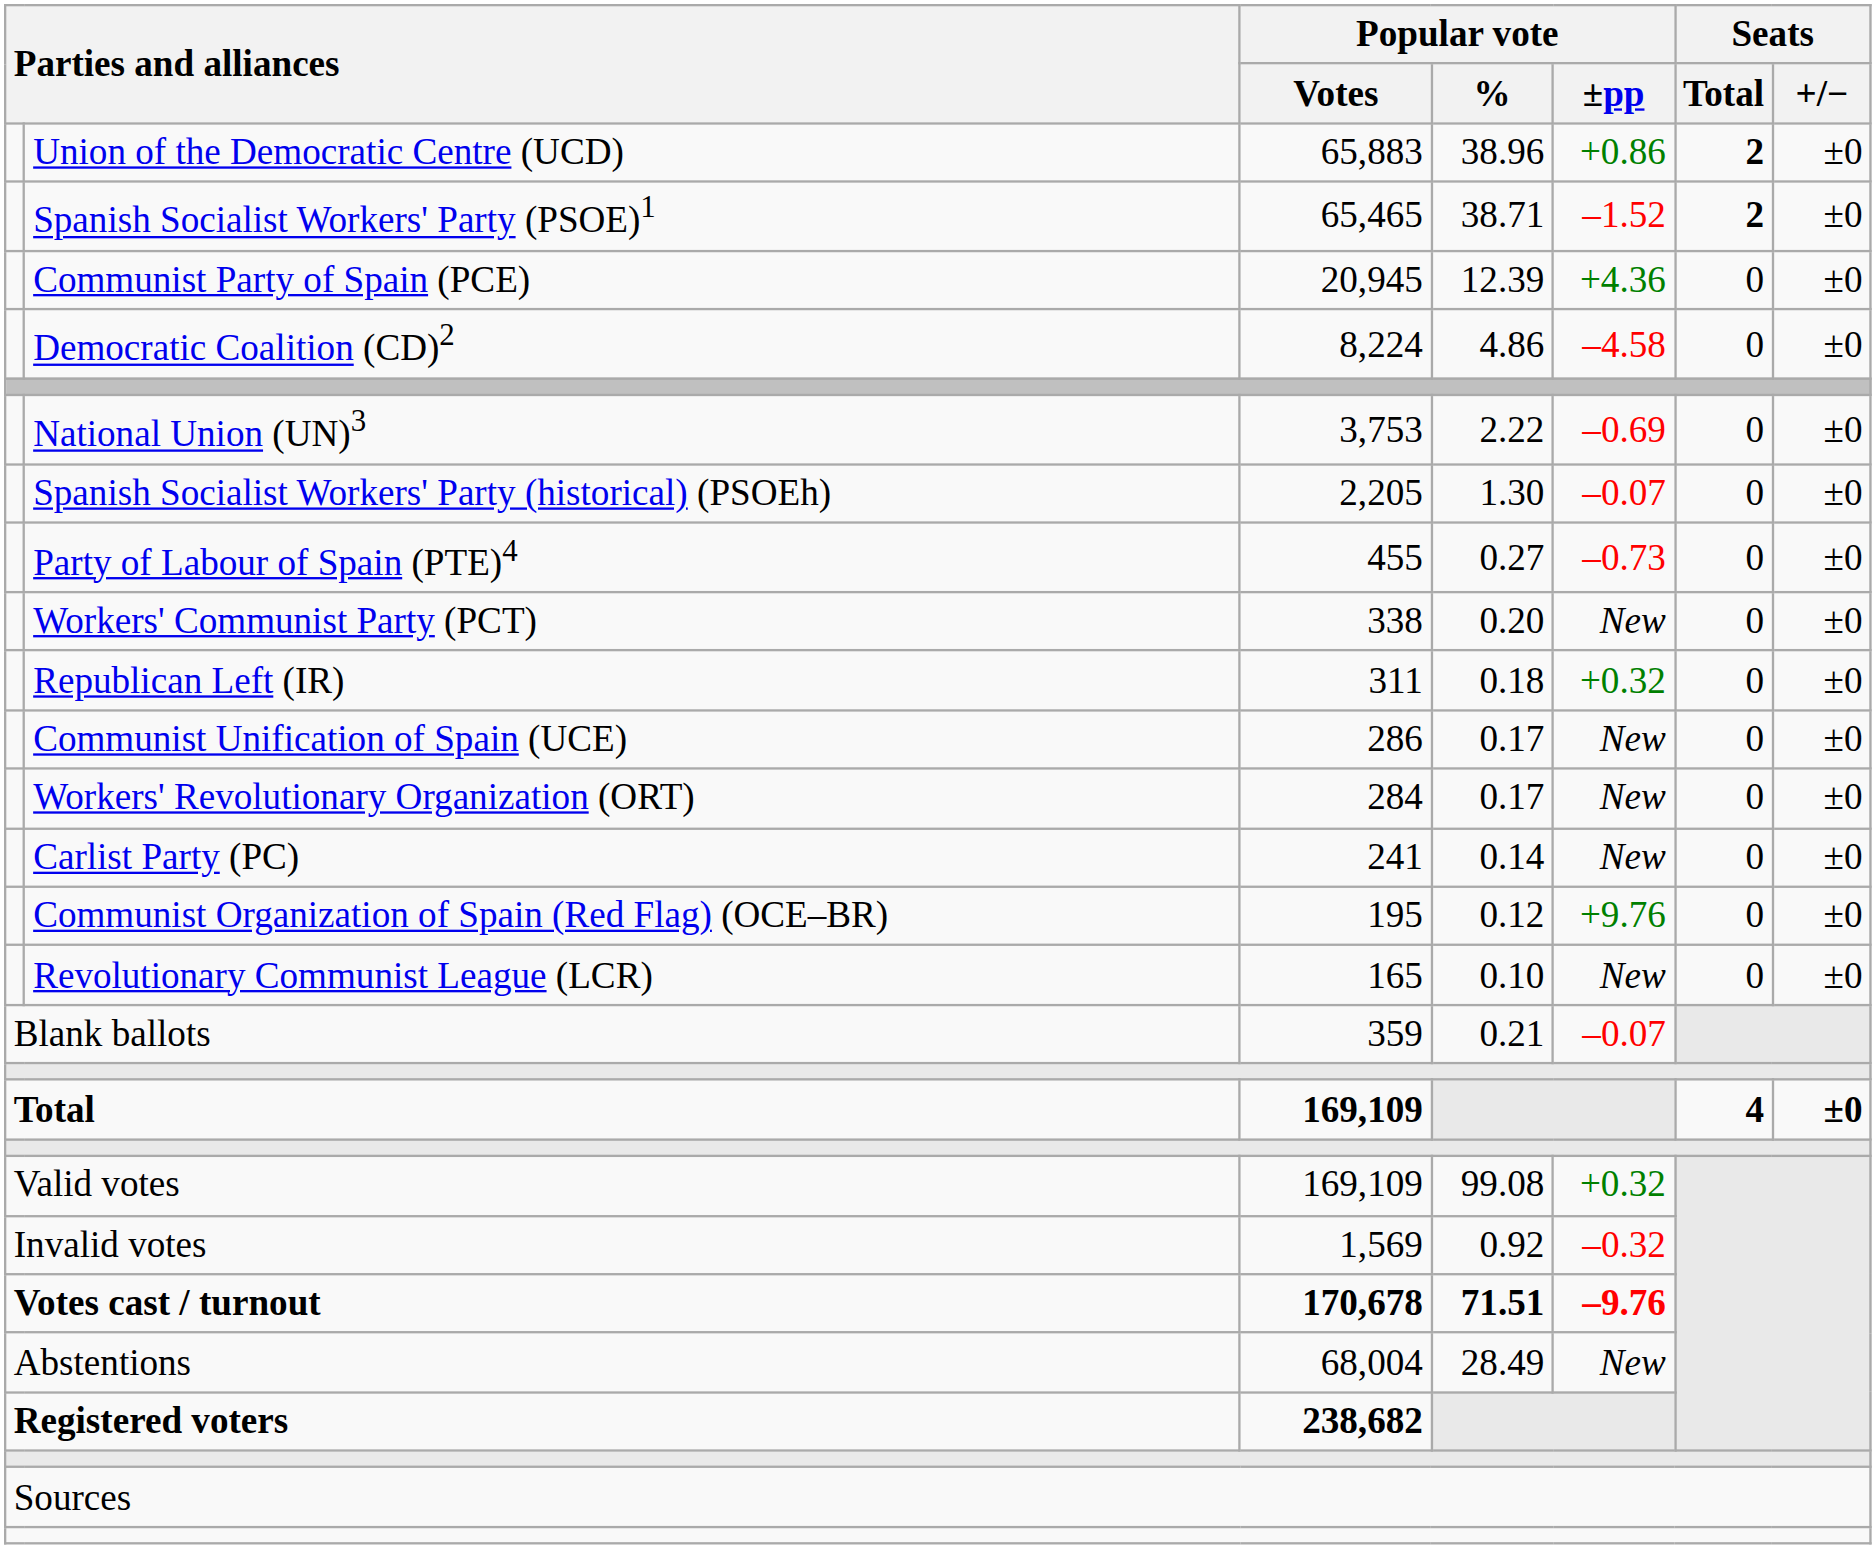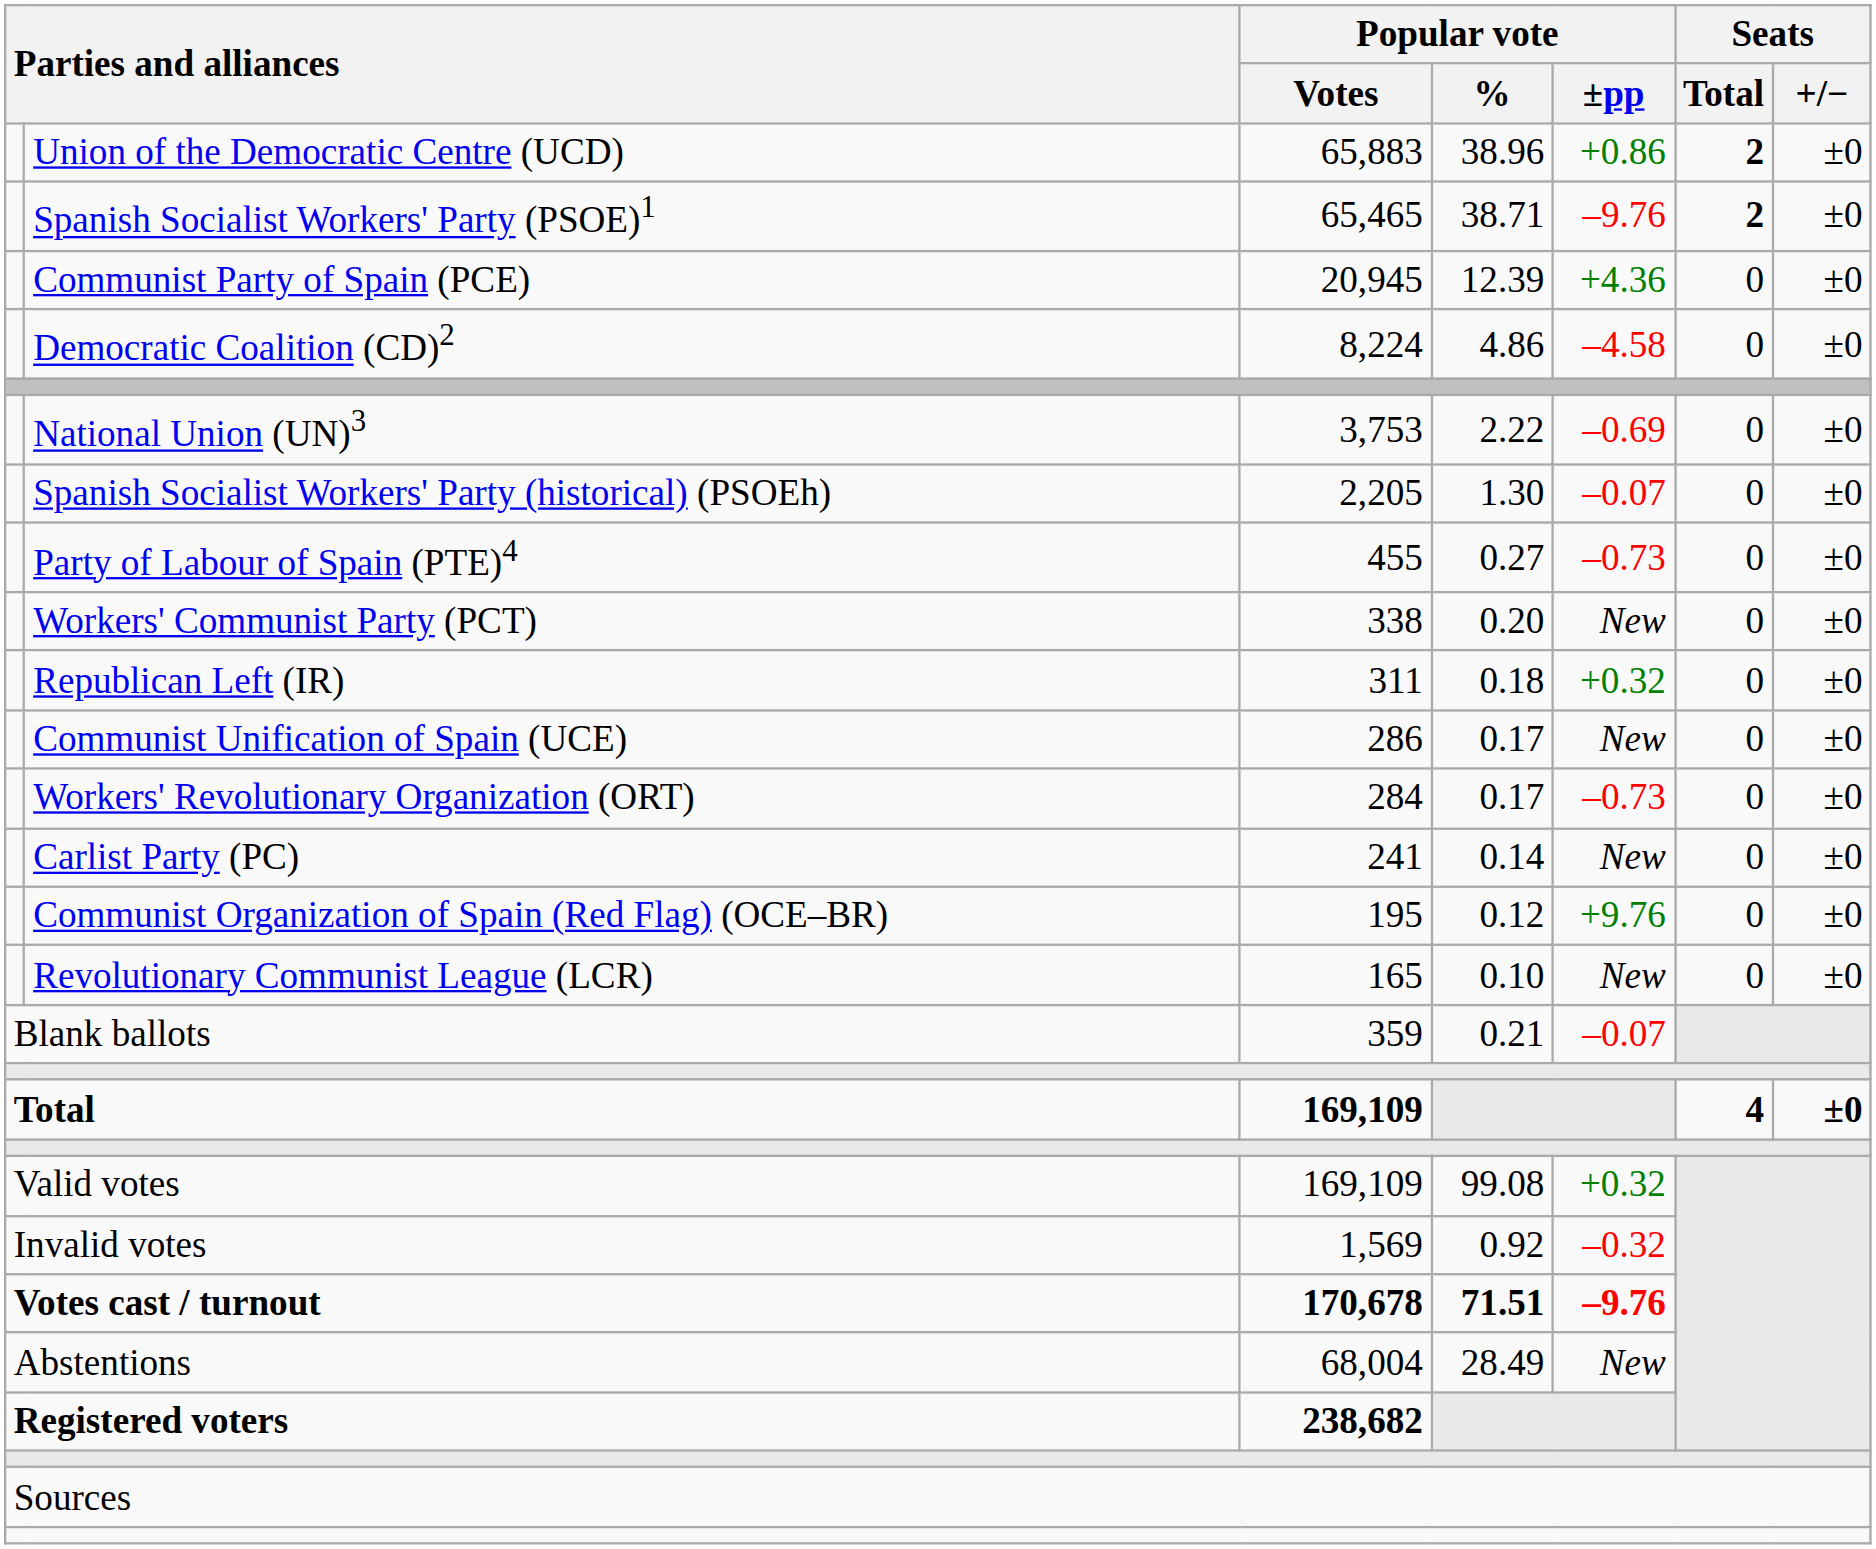 <table class="wikitable" style="text-align:right;">
 <tr>
 <th style="text-align:left;" rowspan="2" colspan="2" width="525">Parties and alliances</th>
 <th colspan="3">Popular vote</th>
 <th colspan="2">Seats</th>
 </tr>
 <tr>
 <th width="75">Votes</th>
 <th width="45">%</th>
 <th width="45">±<a href='#'>pp</a></th>
 <th width="35">Total</th>
 <th width="35">+/−</th>
 </tr>
 <tr>
 <td width="1" style="color:inherit;background:"></td>
 <td align="left"><a href='#'>Union of the Democratic Centre</a> (UCD)</td>
 <td>65,883</td>
 <td>38.96</td>
 <td style="color:green;">+0.86</td>
 <td><strong>2</strong></td>
 <td>±0</td>
 </tr>
 <tr>
 <td style="color:inherit;background:"></td>
 <td align="left"><a href='#'>Spanish Socialist Workers' Party</a> (PSOE)<sup>1</sup></td>
 <td>65,465</td>
 <td>38.71</td>
-<td style="color:red;">–1.52</td>
+<td style="color:red;">–9.76</td>
 <td><strong>2</strong></td>
 <td>±0</td>
 </tr>
 <tr>
 <td style="color:inherit;background:"></td>
 <td align="left"><a href='#'>Communist Party of Spain</a> (PCE)</td>
 <td>20,945</td>
 <td>12.39</td>
 <td style="color:green;">+4.36</td>
 <td>0</td>
 <td>±0</td>
 </tr>
 <tr>
 <td style="color:inherit;background:"></td>
 <td align="left"><a href='#'>Democratic Coalition</a> (CD)<sup>2</sup></td>
 <td>8,224</td>
 <td>4.86</td>
 <td style="color:red;">–4.58</td>
 <td>0</td>
 <td>±0</td>
 </tr>
 <tr>
 <td colspan="7" bgcolor="#C0C0C0"></td>
 </tr>
 <tr>
 <td style="color:inherit;background:"></td>
 <td align="left"><a href='#'>National Union</a> (UN)<sup>3</sup></td>
 <td>3,753</td>
 <td>2.22</td>
 <td style="color:red;">–0.69</td>
 <td>0</td>
 <td>±0</td>
 </tr>
 <tr>
 <td style="color:inherit;background:"></td>
 <td align="left"><a href='#'>Spanish Socialist Workers' Party (historical)</a> (PSOEh)</td>
 <td>2,205</td>
 <td>1.30</td>
 <td style="color:red;">–0.07</td>
 <td>0</td>
 <td>±0</td>
 </tr>
 <tr>
 <td style="color:inherit;background:"></td>
 <td align="left"><a href='#'>Party of Labour of Spain</a> (PTE)<sup>4</sup></td>
 <td>455</td>
 <td>0.27</td>
 <td style="color:red;">–0.73</td>
 <td>0</td>
 <td>±0</td>
 </tr>
 <tr>
 <td style="color:inherit;background:"></td>
 <td align="left"><a href='#'>Workers' Communist Party</a> (PCT)</td>
 <td>338</td>
 <td>0.20</td>
 <td><em>New</em></td>
 <td>0</td>
 <td>±0</td>
 </tr>
 <tr>
 <td style="color:inherit;background:"></td>
 <td align="left"><a href='#'>Republican Left</a> (IR)</td>
 <td>311</td>
 <td>0.18</td>
 <td style="color:green;">+0.32</td>
 <td>0</td>
 <td>±0</td>
 </tr>
 <tr>
 <td style="color:inherit;background:"></td>
 <td align="left"><a href='#'>Communist Unification of Spain</a> (UCE)</td>
 <td>286</td>
 <td>0.17</td>
 <td><em>New</em></td>
 <td>0</td>
 <td>±0</td>
 </tr>
 <tr>
 <td style="color:inherit;background:"></td>
 <td align="left"><a href='#'>Workers' Revolutionary Organization</a> (ORT)</td>
 <td>284</td>
 <td>0.17</td>
-<td><em>New</em></td>
+<td style="color:red;">–0.73</td>
 <td>0</td>
 <td>±0</td>
 </tr>
 <tr>
 <td style="color:inherit;background:"></td>
 <td align="left"><a href='#'>Carlist Party</a> (PC)</td>
 <td>241</td>
 <td>0.14</td>
 <td><em>New</em></td>
 <td>0</td>
 <td>±0</td>
 </tr>
 <tr>
 <td style="color:inherit;background:"></td>
 <td align="left"><a href='#'>Communist Organization of Spain (Red Flag)</a> (OCE–BR)</td>
 <td>195</td>
 <td>0.12</td>
 <td style="color:green;">+9.76</td>
 <td>0</td>
 <td>±0</td>
 </tr>
 <tr>
 <td style="color:inherit;background:"></td>
 <td align="left"><a href='#'>Revolutionary Communist League</a> (LCR)</td>
 <td>165</td>
 <td>0.10</td>
 <td><em>New</em></td>
 <td>0</td>
 <td>±0</td>
 </tr>
 <tr>
 <td align="left" colspan="2">Blank ballots</td>
 <td>359</td>
 <td>0.21</td>
 <td style="color:red;">–0.07</td>
 <td bgcolor="#E9E9E9" colspan="2"></td>
 </tr>
 <tr>
 <td colspan="7" bgcolor="#E9E9E9"></td>
 </tr>
 <tr style="font-weight:bold;">
 <td align="left" colspan="2">Total</td>
 <td>169,109</td>
 <td bgcolor="#E9E9E9" colspan="2"></td>
 <td>4</td>
 <td>±0</td>
 </tr>
 <tr>
 <td colspan="7" bgcolor="#E9E9E9"></td>
 </tr>
 <tr>
 <td align="left" colspan="2">Valid votes</td>
 <td>169,109</td>
 <td>99.08</td>
 <td style="color:green;">+0.32</td>
 <td bgcolor="#E9E9E9" colspan="2" rowspan="5"></td>
 </tr>
 <tr>
 <td align="left" colspan="2">Invalid votes</td>
 <td>1,569</td>
 <td>0.92</td>
 <td style="color:red;">–0.32</td>
 </tr>
 <tr style="font-weight:bold;">
 <td align="left" colspan="2">Votes cast / turnout</td>
 <td>170,678</td>
 <td>71.51</td>
 <td style="color:red;">–9.76</td>
 </tr>
 <tr>
 <td align="left" colspan="2">Abstentions</td>
 <td>68,004</td>
 <td>28.49</td>
 <td><em>New</em></td>
 </tr>
 <tr style="font-weight:bold;">
 <td align="left" colspan="2">Registered voters</td>
 <td>238,682</td>
 <td bgcolor="#E9E9E9" colspan="2"></td>
 </tr>
 <tr>
 <td colspan="7" bgcolor="#E9E9E9"></td>
 </tr>
 <tr>
 <td align="left" colspan="7">Sources</td>
 </tr>
 <tr>
 <td colspan="7" style="text-align:left; max-width:790px;"></td>
 </tr>
 </table>
